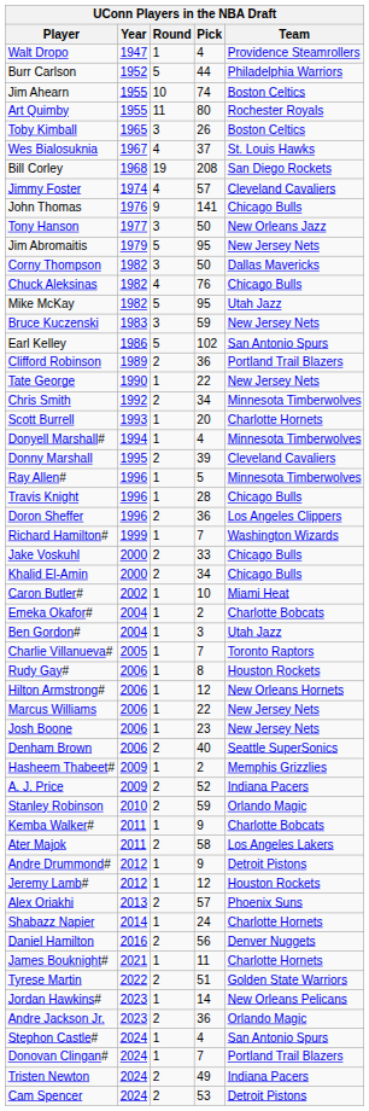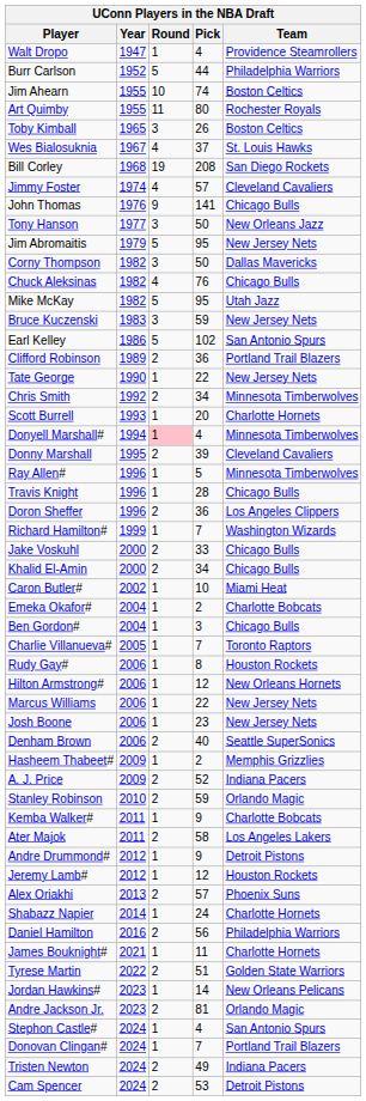 <table class="wikitable sortable">
 <tr>
 <th colspan="5">UConn Players in the NBA Draft</th>
 </tr>
 <tr>
 <th><strong>Player</strong></th>
 <th><strong>Year</strong></th>
 <th><strong>Round</strong></th>
 <th><strong>Pick</strong></th>
 <th><strong>Team</strong></th>
 </tr>
 <tr>
 <td><a href='#'>Walt Dropo</a></td>
 <td><a href='#'>1947</a></td>
 <td>1</td>
 <td>4</td>
 <td><a href='#'>Providence Steamrollers</a></td>
 </tr>
 <tr>
 <td>Burr Carlson</td>
 <td><a href='#'>1952</a></td>
 <td>5</td>
 <td>44</td>
 <td><a href='#'>Philadelphia Warriors</a></td>
 </tr>
 <tr>
 <td>Jim Ahearn</td>
 <td><a href='#'>1955</a></td>
 <td>10</td>
 <td>74</td>
 <td><a href='#'>Boston Celtics</a></td>
 </tr>
 <tr>
 <td><a href='#'>Art Quimby</a></td>
 <td><a href='#'>1955</a></td>
 <td>11</td>
 <td>80</td>
 <td><a href='#'>Rochester Royals</a></td>
 </tr>
 <tr>
 <td><a href='#'>Toby Kimball</a></td>
 <td><a href='#'>1965</a></td>
 <td>3</td>
 <td>26</td>
 <td><a href='#'>Boston Celtics</a></td>
 </tr>
 <tr>
 <td><a href='#'>Wes Bialosuknia</a></td>
 <td><a href='#'>1967</a></td>
 <td>4</td>
 <td>37</td>
 <td><a href='#'>St. Louis Hawks</a></td>
 </tr>
 <tr>
 <td>Bill Corley</td>
 <td><a href='#'>1968</a></td>
 <td>19</td>
 <td>208</td>
 <td><a href='#'>San Diego Rockets</a></td>
 </tr>
 <tr>
 <td><a href='#'>Jimmy Foster</a></td>
 <td><a href='#'>1974</a></td>
 <td>4</td>
 <td>57</td>
 <td><a href='#'>Cleveland Cavaliers</a></td>
 </tr>
 <tr>
 <td>John Thomas</td>
 <td><a href='#'>1976</a></td>
 <td>9</td>
 <td>141</td>
 <td><a href='#'>Chicago Bulls</a></td>
 </tr>
 <tr>
 <td><a href='#'>Tony Hanson</a></td>
 <td><a href='#'>1977</a></td>
 <td>3</td>
 <td>50</td>
 <td><a href='#'>New Orleans Jazz</a></td>
 </tr>
 <tr>
 <td>Jim Abromaitis</td>
 <td><a href='#'>1979</a></td>
 <td>5</td>
 <td>95</td>
 <td><a href='#'>New Jersey Nets</a></td>
 </tr>
 <tr>
 <td><a href='#'>Corny Thompson</a></td>
 <td><a href='#'>1982</a></td>
 <td>3</td>
 <td>50</td>
 <td><a href='#'>Dallas Mavericks</a></td>
 </tr>
 <tr>
 <td><a href='#'>Chuck Aleksinas</a></td>
 <td><a href='#'>1982</a></td>
 <td>4</td>
 <td>76</td>
 <td><a href='#'>Chicago Bulls</a></td>
 </tr>
 <tr>
 <td>Mike McKay</td>
 <td><a href='#'>1982</a></td>
 <td>5</td>
 <td>95</td>
 <td><a href='#'>Utah Jazz</a></td>
 </tr>
 <tr>
 <td><a href='#'>Bruce Kuczenski</a></td>
 <td><a href='#'>1983</a></td>
 <td>3</td>
 <td>59</td>
 <td><a href='#'>New Jersey Nets</a></td>
 </tr>
 <tr>
 <td>Earl Kelley</td>
 <td><a href='#'>1986</a></td>
 <td>5</td>
 <td>102</td>
 <td><a href='#'>San Antonio Spurs</a></td>
 </tr>
 <tr>
 <td><a href='#'>Clifford Robinson</a></td>
 <td><a href='#'>1989</a></td>
 <td>2</td>
 <td>36</td>
 <td><a href='#'>Portland Trail Blazers</a></td>
 </tr>
 <tr>
 <td><a href='#'>Tate George</a></td>
 <td><a href='#'>1990</a></td>
 <td>1</td>
 <td>22</td>
 <td><a href='#'>New Jersey Nets</a></td>
 </tr>
 <tr>
 <td><a href='#'>Chris Smith</a></td>
 <td><a href='#'>1992</a></td>
 <td>2</td>
 <td>34</td>
 <td><a href='#'>Minnesota Timberwolves</a></td>
 </tr>
 <tr>
 <td><a href='#'>Scott Burrell</a></td>
 <td><a href='#'>1993</a></td>
 <td>1</td>
 <td>20</td>
 <td><a href='#'>Charlotte Hornets</a></td>
 </tr>
 <tr>
 <td><a href='#'>Donyell Marshall</a>#</td>
 <td><a href='#'>1994</a></td>
-<td>1</td>
+<td style="background: pink;">1</td>
 <td>4</td>
 <td><a href='#'>Minnesota Timberwolves</a></td>
 </tr>
 <tr>
 <td><a href='#'>Donny Marshall</a></td>
 <td><a href='#'>1995</a></td>
 <td>2</td>
 <td>39</td>
 <td><a href='#'>Cleveland Cavaliers</a></td>
 </tr>
 <tr>
 <td><a href='#'>Ray Allen</a>#</td>
 <td><a href='#'>1996</a></td>
 <td>1</td>
 <td>5</td>
 <td><a href='#'>Minnesota Timberwolves</a></td>
 </tr>
 <tr>
 <td><a href='#'>Travis Knight</a></td>
 <td><a href='#'>1996</a></td>
 <td>1</td>
 <td>28</td>
 <td><a href='#'>Chicago Bulls</a></td>
 </tr>
 <tr>
 <td><a href='#'>Doron Sheffer</a></td>
 <td><a href='#'>1996</a></td>
 <td>2</td>
 <td>36</td>
 <td><a href='#'>Los Angeles Clippers</a></td>
 </tr>
 <tr>
 <td><a href='#'>Richard Hamilton</a>#</td>
 <td><a href='#'>1999</a></td>
 <td>1</td>
 <td>7</td>
 <td><a href='#'>Washington Wizards</a></td>
 </tr>
 <tr>
 <td><a href='#'>Jake Voskuhl</a></td>
 <td><a href='#'>2000</a></td>
 <td>2</td>
 <td>33</td>
 <td><a href='#'>Chicago Bulls</a></td>
 </tr>
 <tr>
 <td><a href='#'>Khalid El-Amin</a></td>
 <td><a href='#'>2000</a></td>
 <td>2</td>
 <td>34</td>
 <td><a href='#'>Chicago Bulls</a></td>
 </tr>
 <tr>
 <td><a href='#'>Caron Butler</a>#</td>
 <td><a href='#'>2002</a></td>
 <td>1</td>
 <td>10</td>
 <td><a href='#'>Miami Heat</a></td>
 </tr>
 <tr>
 <td><a href='#'>Emeka Okafor</a>#</td>
 <td><a href='#'>2004</a></td>
 <td>1</td>
 <td>2</td>
 <td><a href='#'>Charlotte Bobcats</a></td>
 </tr>
 <tr>
 <td><a href='#'>Ben Gordon</a>#</td>
 <td><a href='#'>2004</a></td>
 <td>1</td>
 <td>3</td>
-<td><a href='#'>Utah Jazz</a></td>
+<td><a href='#'>Chicago Bulls</a></td>
 </tr>
 <tr>
 <td><a href='#'>Charlie Villanueva</a>#</td>
 <td><a href='#'>2005</a></td>
 <td>1</td>
 <td>7</td>
 <td><a href='#'>Toronto Raptors</a></td>
 </tr>
 <tr>
 <td><a href='#'>Rudy Gay</a>#</td>
 <td><a href='#'>2006</a></td>
 <td>1</td>
 <td>8</td>
 <td><a href='#'>Houston Rockets</a></td>
 </tr>
 <tr>
 <td><a href='#'>Hilton Armstrong</a>#</td>
 <td><a href='#'>2006</a></td>
 <td>1</td>
 <td>12</td>
 <td><a href='#'>New Orleans Hornets</a></td>
 </tr>
 <tr>
 <td><a href='#'>Marcus Williams</a></td>
 <td><a href='#'>2006</a></td>
 <td>1</td>
 <td>22</td>
 <td><a href='#'>New Jersey Nets</a></td>
 </tr>
 <tr>
 <td><a href='#'>Josh Boone</a></td>
 <td><a href='#'>2006</a></td>
 <td>1</td>
 <td>23</td>
 <td><a href='#'>New Jersey Nets</a></td>
 </tr>
 <tr>
 <td><a href='#'>Denham Brown</a></td>
 <td><a href='#'>2006</a></td>
 <td>2</td>
 <td>40</td>
 <td><a href='#'>Seattle SuperSonics</a></td>
 </tr>
 <tr>
 <td><a href='#'>Hasheem Thabeet</a>#</td>
 <td><a href='#'>2009</a></td>
 <td>1</td>
 <td>2</td>
 <td><a href='#'>Memphis Grizzlies</a></td>
 </tr>
 <tr>
 <td><a href='#'>A. J. Price</a></td>
 <td><a href='#'>2009</a></td>
 <td>2</td>
 <td>52</td>
 <td><a href='#'>Indiana Pacers</a></td>
 </tr>
 <tr>
 <td><a href='#'>Stanley Robinson</a></td>
 <td><a href='#'>2010</a></td>
 <td>2</td>
 <td>59</td>
 <td><a href='#'>Orlando Magic</a></td>
 </tr>
 <tr>
 <td><a href='#'>Kemba Walker</a>#</td>
 <td><a href='#'>2011</a></td>
 <td>1</td>
 <td>9</td>
 <td><a href='#'>Charlotte Bobcats</a></td>
 </tr>
 <tr>
 <td><a href='#'>Ater Majok</a></td>
 <td><a href='#'>2011</a></td>
 <td>2</td>
 <td>58</td>
 <td><a href='#'>Los Angeles Lakers</a></td>
 </tr>
 <tr>
 <td><a href='#'>Andre Drummond</a>#</td>
 <td><a href='#'>2012</a></td>
 <td>1</td>
 <td>9</td>
 <td><a href='#'>Detroit Pistons</a></td>
 </tr>
 <tr>
 <td><a href='#'>Jeremy Lamb</a>#</td>
 <td><a href='#'>2012</a></td>
 <td>1</td>
 <td>12</td>
 <td><a href='#'>Houston Rockets</a></td>
 </tr>
 <tr>
 <td><a href='#'>Alex Oriakhi</a></td>
 <td><a href='#'>2013</a></td>
 <td>2</td>
 <td>57</td>
 <td><a href='#'>Phoenix Suns</a></td>
 </tr>
 <tr>
 <td><a href='#'>Shabazz Napier</a></td>
 <td><a href='#'>2014</a></td>
 <td>1</td>
 <td>24</td>
 <td><a href='#'>Charlotte Hornets</a></td>
 </tr>
 <tr>
 <td><a href='#'>Daniel Hamilton</a></td>
 <td><a href='#'>2016</a></td>
 <td>2</td>
 <td>56</td>
-<td><a href='#'>Denver Nuggets</a></td>
+<td><a href='#'>Philadelphia Warriors</a></td>
 </tr>
 <tr>
 <td><a href='#'>James Bouknight</a>#</td>
 <td><a href='#'>2021</a></td>
 <td>1</td>
 <td>11</td>
 <td><a href='#'>Charlotte Hornets</a></td>
 </tr>
 <tr>
 <td><a href='#'>Tyrese Martin</a></td>
 <td><a href='#'>2022</a></td>
 <td>2</td>
 <td>51</td>
 <td><a href='#'>Golden State Warriors</a></td>
 </tr>
 <tr>
 <td><a href='#'>Jordan Hawkins</a>#</td>
 <td><a href='#'>2023</a></td>
 <td>1</td>
 <td>14</td>
 <td><a href='#'>New Orleans Pelicans</a></td>
 </tr>
 <tr>
 <td><a href='#'>Andre Jackson Jr.</a></td>
 <td><a href='#'>2023</a></td>
 <td>2</td>
-<td>36</td>
+<td>81</td>
 <td><a href='#'>Orlando Magic</a></td>
 </tr>
 <tr>
 <td><a href='#'>Stephon Castle</a>#</td>
 <td><a href='#'>2024</a></td>
 <td>1</td>
 <td>4</td>
 <td><a href='#'>San Antonio Spurs</a></td>
 </tr>
 <tr>
 <td><a href='#'>Donovan Clingan</a>#</td>
 <td><a href='#'>2024</a></td>
 <td>1</td>
 <td>7</td>
 <td><a href='#'>Portland Trail Blazers</a></td>
 </tr>
 <tr>
 <td><a href='#'>Tristen Newton</a></td>
 <td><a href='#'>2024</a></td>
 <td>2</td>
 <td>49</td>
 <td><a href='#'>Indiana Pacers</a></td>
 </tr>
 <tr>
 <td><a href='#'>Cam Spencer</a></td>
 <td><a href='#'>2024</a></td>
 <td>2</td>
 <td>53</td>
 <td><a href='#'>Detroit Pistons</a></td>
 </tr>
 </table>
